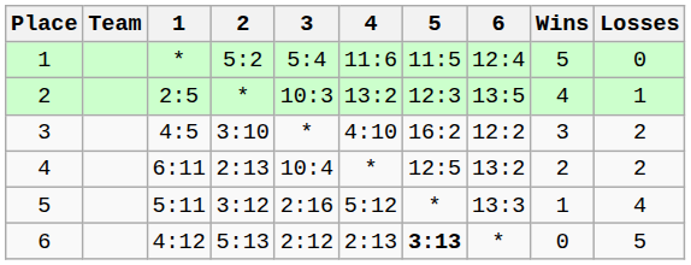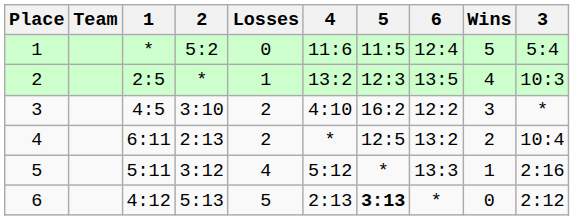 <table class="wikitable" style="text-align:center;">
 <tr>
 <th>Place</th>
 <th>Team</th>
 <th width="25">1</th>
 <th width="25">2</th>
-<th width="25">3</th>
+<th>Losses</th>
 <th width="25">4</th>
 <th width="25">5</th>
 <th width="25">6</th>
 <th>Wins</th>
-<th>Losses</th>
+<th width="25">3</th>
 </tr>
 <tr bgcolor=#cfc>
 <td>1</td>
 <td align=left></td>
 <td>*</td>
 <td>5:2</td>
-<td>5:4</td>
+<td>0</td>
 <td>11:6</td>
 <td>11:5</td>
 <td>12:4</td>
 <td>5</td>
-<td>0</td>
+<td>5:4</td>
 </tr>
 <tr bgcolor=#cfc>
 <td>2</td>
 <td align=left></td>
 <td>2:5</td>
 <td>*</td>
-<td>10:3</td>
+<td>1</td>
 <td>13:2</td>
 <td>12:3</td>
 <td>13:5</td>
 <td>4</td>
-<td>1</td>
+<td>10:3</td>
 </tr>
 <tr>
 <td>3</td>
 <td align=left></td>
 <td>4:5</td>
 <td>3:10</td>
-<td>*</td>
+<td>2</td>
 <td>4:10</td>
 <td>16:2</td>
 <td>12:2</td>
 <td>3</td>
-<td>2</td>
+<td>*</td>
 </tr>
 <tr>
 <td>4</td>
 <td align=left></td>
 <td>6:11</td>
 <td>2:13</td>
-<td>10:4</td>
+<td>2</td>
 <td>*</td>
 <td>12:5</td>
 <td>13:2</td>
 <td>2</td>
-<td>2</td>
+<td>10:4</td>
 </tr>
 <tr>
 <td>5</td>
 <td align=left></td>
 <td>5:11</td>
 <td>3:12</td>
-<td>2:16</td>
+<td>4</td>
 <td>5:12</td>
 <td>*</td>
 <td>13:3</td>
 <td>1</td>
-<td>4</td>
+<td>2:16</td>
 </tr>
 <tr>
 <td>6</td>
 <td align=left></td>
 <td>4:12</td>
 <td>5:13</td>
-<td>2:12</td>
+<td>5</td>
 <td>2:13</td>
 <td><strong>3:13</strong></td>
 <td>*</td>
 <td>0</td>
-<td>5</td>
+<td>2:12</td>
 </tr>
 </table>
